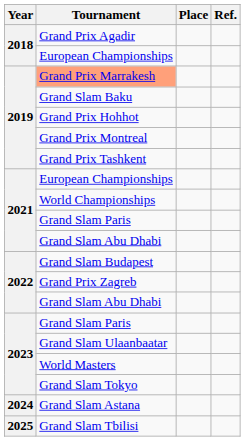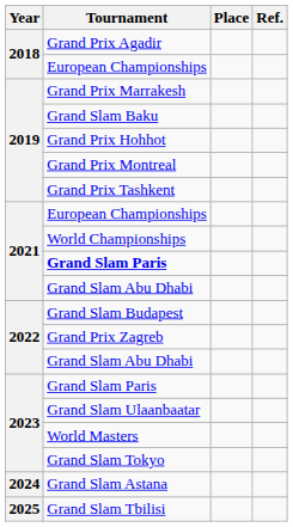 <table class="wikitable sortable" style="text-align:center;">
 <tr>
 <th>Year</th>
 <th>Tournament</th>
 <th>Place</th>
 <th>Ref.</th>
 </tr>
 <tr>
 <th rowspan=2>2018</th>
 <td align=left><a href='#'>Grand Prix Agadir</a></td>
 <td></td>
 <td></td>
 </tr>
 <tr>
 <td align=left><a href='#'>European Championships</a></td>
 <td></td>
 <td></td>
 </tr>
 <tr>
 <th rowspan=5>2019</th>
-<td align=left style="background: lightsalmon;"><a href='#'>Grand Prix Marrakesh</a></td>
+<td align=left><a href='#'>Grand Prix Marrakesh</a></td>
 <td></td>
 <td></td>
 </tr>
 <tr>
 <td align=left><a href='#'>Grand Slam Baku</a></td>
 <td></td>
 <td></td>
 </tr>
 <tr>
 <td align=left><a href='#'>Grand Prix Hohhot</a></td>
 <td></td>
 <td></td>
 </tr>
 <tr>
 <td align=left><a href='#'>Grand Prix Montreal</a></td>
 <td></td>
 <td></td>
 </tr>
 <tr>
 <td align=left><a href='#'>Grand Prix Tashkent</a></td>
 <td></td>
 <td></td>
 </tr>
 <tr>
 <th rowspan=4>2021</th>
 <td align=left><a href='#'>European Championships</a></td>
 <td></td>
 <td></td>
 </tr>
 <tr>
 <td align=left><a href='#'>World Championships</a></td>
 <td></td>
 <td></td>
 </tr>
 <tr>
-<td align=left><a href='#'>Grand Slam Paris</a></td>
+<td align=left><strong><a href='#'>Grand Slam Paris</a></strong></td>
 <td></td>
 <td></td>
 </tr>
 <tr>
 <td align=left><a href='#'>Grand Slam Abu Dhabi</a></td>
 <td></td>
 <td></td>
 </tr>
 <tr>
 <th rowspan=3>2022</th>
 <td align=left><a href='#'>Grand Slam Budapest</a></td>
 <td></td>
 <td></td>
 </tr>
 <tr>
 <td align=left><a href='#'>Grand Prix Zagreb</a></td>
 <td></td>
 <td></td>
 </tr>
 <tr>
 <td align=left><a href='#'>Grand Slam Abu Dhabi</a></td>
 <td></td>
 <td></td>
 </tr>
 <tr>
 <th rowspan=4>2023</th>
 <td align=left><a href='#'>Grand Slam Paris</a></td>
 <td></td>
 <td></td>
 </tr>
 <tr>
 <td align=left><a href='#'>Grand Slam Ulaanbaatar</a></td>
 <td></td>
 <td></td>
 </tr>
 <tr>
 <td align=left><a href='#'>World Masters</a></td>
 <td></td>
 <td></td>
 </tr>
 <tr>
 <td align=left><a href='#'>Grand Slam Tokyo</a></td>
 <td></td>
 <td></td>
 </tr>
 <tr>
 <th>2024</th>
 <td align=left><a href='#'>Grand Slam Astana</a></td>
 <td></td>
 <td></td>
 </tr>
 <tr>
 <th>2025</th>
 <td align=left><a href='#'>Grand Slam Tbilisi</a></td>
 <td></td>
 <td></td>
 </tr>
 </table>
